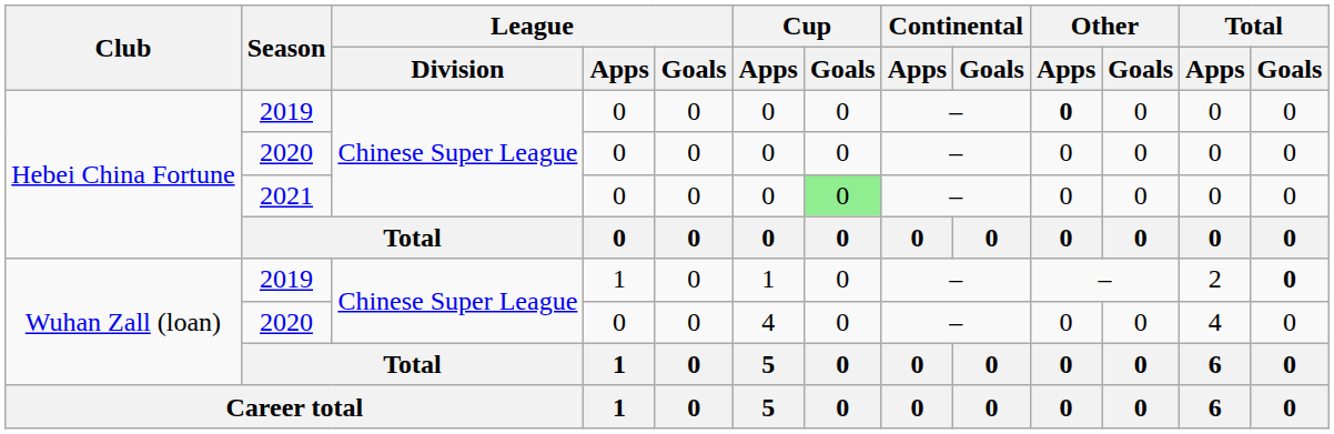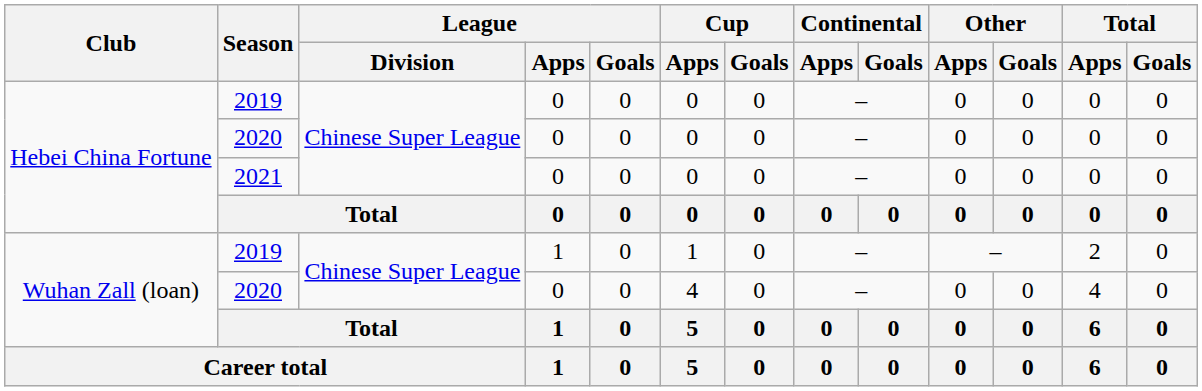 <table class="wikitable" style="text-align: center">
 <tr>
 <th rowspan="2">Club</th>
 <th rowspan="2">Season</th>
 <th colspan="3">League</th>
 <th colspan="2">Cup</th>
 <th colspan="2">Continental</th>
 <th colspan="2">Other</th>
 <th colspan="2">Total</th>
 </tr>
 <tr>
 <th>Division</th>
 <th>Apps</th>
 <th>Goals</th>
 <th>Apps</th>
 <th>Goals</th>
 <th>Apps</th>
 <th>Goals</th>
 <th>Apps</th>
 <th>Goals</th>
 <th>Apps</th>
 <th>Goals</th>
 </tr>
 <tr>
 <td rowspan=4><a href='#'>Hebei China Fortune</a></td>
 <td><a href='#'>2019</a></td>
 <td rowspan=3><a href='#'>Chinese Super League</a></td>
 <td>0</td>
 <td>0</td>
 <td>0</td>
 <td>0</td>
 <td colspan="2">–</td>
-<td><strong>0</strong></td>
+<td>0</td>
 <td>0</td>
 <td>0</td>
 <td>0</td>
 </tr>
 <tr>
 <td><a href='#'>2020</a></td>
 <td>0</td>
 <td>0</td>
 <td>0</td>
 <td>0</td>
 <td colspan="2">–</td>
 <td>0</td>
 <td>0</td>
 <td>0</td>
 <td>0</td>
 </tr>
 <tr>
 <td><a href='#'>2021</a></td>
 <td>0</td>
 <td>0</td>
 <td>0</td>
-<td style="background: lightgreen;">0</td>
+<td>0</td>
 <td colspan="2">–</td>
 <td>0</td>
 <td>0</td>
 <td>0</td>
 <td>0</td>
 </tr>
 <tr>
 <th colspan=2>Total</th>
 <th>0</th>
 <th>0</th>
 <th>0</th>
 <th>0</th>
 <th>0</th>
 <th>0</th>
 <th>0</th>
 <th>0</th>
 <th>0</th>
 <th>0</th>
 </tr>
 <tr>
 <td rowspan=3><a href='#'>Wuhan Zall</a> (loan)</td>
 <td><a href='#'>2019</a></td>
 <td rowspan=2><a href='#'>Chinese Super League</a></td>
 <td>1</td>
 <td>0</td>
 <td>1</td>
 <td>0</td>
 <td colspan="2">–</td>
 <td colspan="2">–</td>
 <td>2</td>
-<td><strong>0</strong></td>
+<td>0</td>
 </tr>
 <tr>
 <td><a href='#'>2020</a></td>
 <td>0</td>
 <td>0</td>
 <td>4</td>
 <td>0</td>
 <td colspan="2">–</td>
 <td>0</td>
 <td>0</td>
 <td>4</td>
 <td>0</td>
 </tr>
 <tr>
 <th colspan=2>Total</th>
 <th>1</th>
 <th>0</th>
 <th>5</th>
 <th>0</th>
 <th>0</th>
 <th>0</th>
 <th>0</th>
 <th>0</th>
 <th>6</th>
 <th>0</th>
 </tr>
 <tr>
 <th colspan=3>Career total</th>
 <th>1</th>
 <th>0</th>
 <th>5</th>
 <th>0</th>
 <th>0</th>
 <th>0</th>
 <th>0</th>
 <th>0</th>
 <th>6</th>
 <th>0</th>
 </tr>
 </table>
